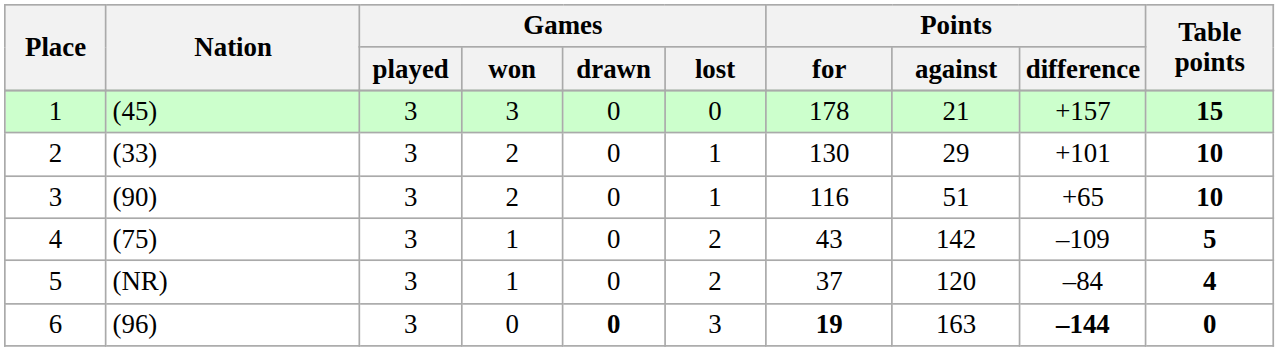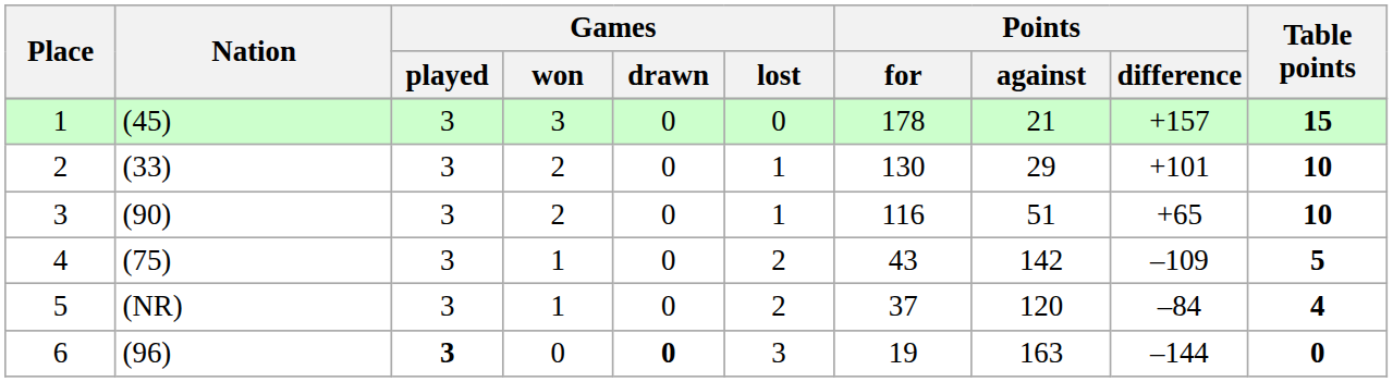 <table class="wikitable">
 <tr>
 <th rowspan=2 width="8%">Place</th>
 <th rowspan=2 width="20%">Nation</th>
 <th colspan=4 width="32%">Games</th>
 <th colspan=3 width="30%">Points</th>
 <th rowspan=2 width="10%">Table<br>points</th>
 </tr>
 <tr>
 <th width="8%">played</th>
 <th width="8%">won</th>
 <th width="8%">drawn</th>
 <th width="8%">lost</th>
 <th width="10%">for</th>
 <th width="10%">against</th>
 <th width="10%">difference</th>
 </tr>
 <tr>
 </tr>
 <tr bgcolor=#ccffcc align=center>
 <td>1</td>
 <td align=left> (45)</td>
 <td>3</td>
 <td>3</td>
 <td>0</td>
 <td>0</td>
 <td>178</td>
 <td>21</td>
 <td>+157</td>
 <td><strong>15</strong></td>
 </tr>
 <tr bgcolor=#ffffff align=center>
 <td>2</td>
 <td align=left> (33)</td>
 <td>3</td>
 <td>2</td>
 <td>0</td>
 <td>1</td>
 <td>130</td>
 <td>29</td>
 <td>+101</td>
 <td><strong>10</strong></td>
 </tr>
 <tr bgcolor=#ffffff align=center>
 <td>3</td>
 <td align=left> (90)</td>
 <td>3</td>
 <td>2</td>
 <td>0</td>
 <td>1</td>
 <td>116</td>
 <td>51</td>
 <td>+65</td>
 <td><strong>10</strong></td>
 </tr>
 <tr bgcolor=#ffffff align=center>
 <td>4</td>
 <td align=left> (75)</td>
 <td>3</td>
 <td>1</td>
 <td>0</td>
 <td>2</td>
 <td>43</td>
 <td>142</td>
 <td>–109</td>
 <td><strong>5</strong></td>
 </tr>
 <tr bgcolor=#ffffff align=center>
 <td>5</td>
 <td align=left> (NR)</td>
 <td>3</td>
 <td>1</td>
 <td>0</td>
 <td>2</td>
 <td>37</td>
 <td>120</td>
 <td>–84</td>
 <td><strong>4</strong></td>
 </tr>
 <tr bgcolor=#ffffff align=center>
 <td>6</td>
 <td align=left> (96)</td>
-<td>3</td>
+<td><strong>3</strong></td>
 <td>0</td>
 <td><strong>0</strong></td>
 <td>3</td>
-<td><strong>19</strong></td>
+<td>19</td>
 <td>163</td>
-<td><strong>–144</strong></td>
+<td>–144</td>
 <td><strong>0</strong></td>
 </tr>
 </table>
